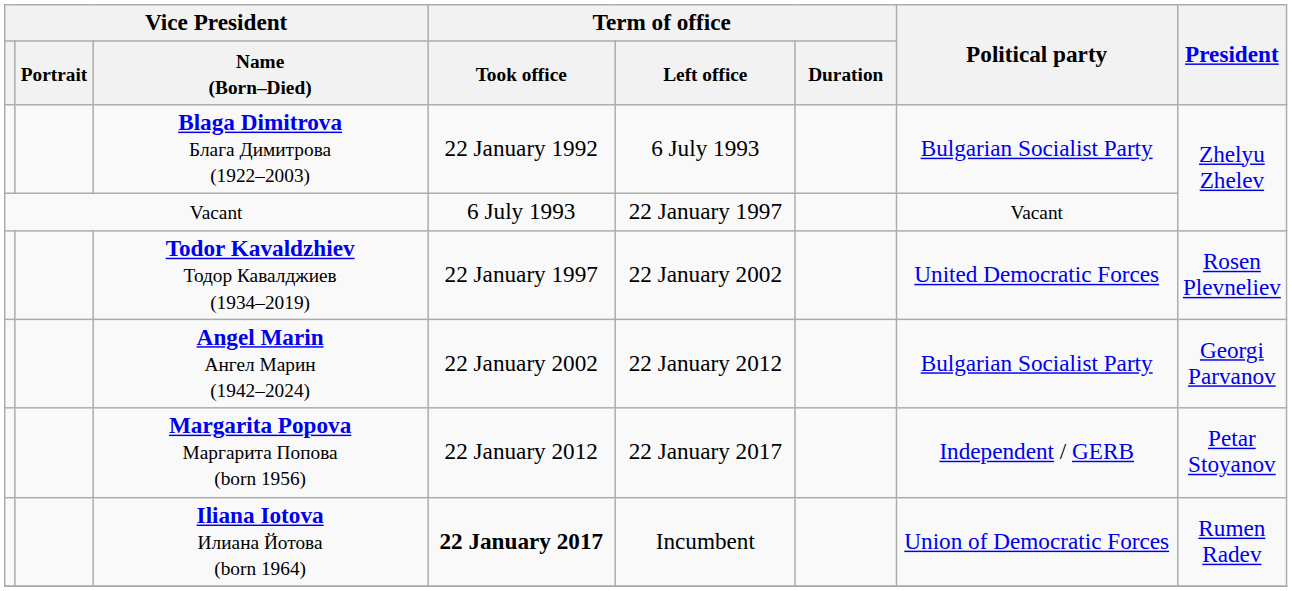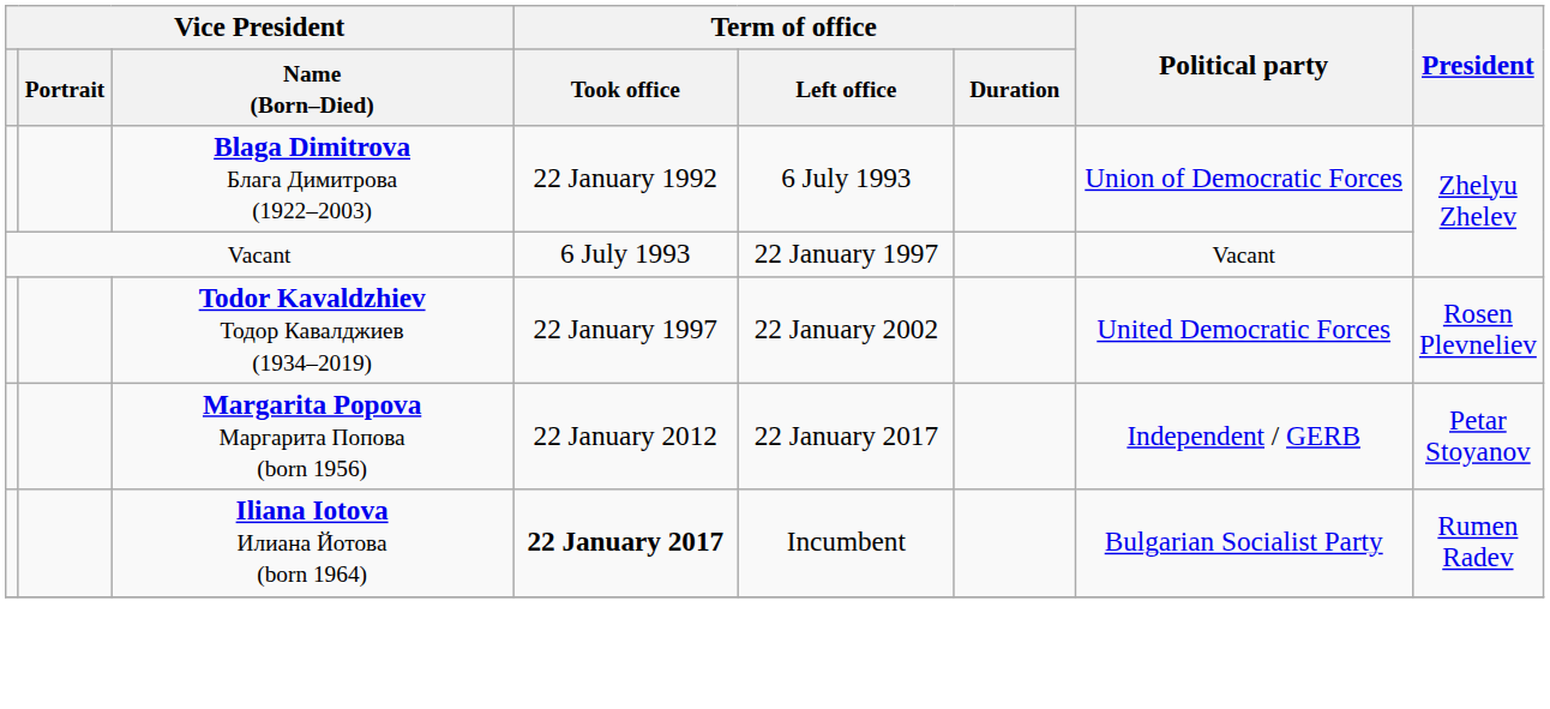 <table class="wikitable" style="text-align:center; width:70%">
 <tr>
 <th width=35% colspan=3>Vice President</th>
 <th width=40% colspan=3>Term of office</th>
 <th width=25% rowspan=2>Political party</th>
 <th width=25% rowspan=2><a href='#'>President</a></th>
 </tr>
 <tr>
 <th></th>
 <th><small>Portrait</small></th>
 <th width=30%><small>Name<br>(Born–Died)</small></th>
 <th><small>Took office</small></th>
 <th><small>Left office</small></th>
 <th><small>Duration</small></th>
 </tr>
 <tr>
 <td style="background:"></td>
 <td></td>
 <td><strong><a href='#'>Blaga Dimitrova</a></strong><br><small>Блага Димитрова<br>(1922–2003)</small></td>
 <td>22 January 1992</td>
 <td>6 July 1993</td>
 <td></td>
-<td><a href='#'>Bulgarian Socialist Party</a></td>
+<td><a href='#'>Union of Democratic Forces</a></td>
 <td rowspan=2><a href='#'>Zhelyu Zhelev</a></td>
 </tr>
 <tr>
 <td align=center colspan=3><small>Vacant</small></td>
 <td>6 July 1993</td>
 <td>22 January 1997</td>
 <td></td>
 <td align=center><small>Vacant</small></td>
 </tr>
 <tr>
 <td style="background:"></td>
 <td></td>
 <td><strong><a href='#'>Todor Kavaldzhiev</a></strong><br><small>Тодор Кавалджиев<br>(1934–2019)</small></td>
 <td>22 January 1997</td>
 <td>22 January 2002</td>
 <td></td>
 <td><a href='#'>United Democratic Forces</a></td>
 <td><a href='#'>Rosen Plevneliev</a></td>
 </tr>
 <tr>
 <td style="background:"></td>
 <td></td>
-<td><strong><a href='#'>Angel Marin</a></strong><br><small>Ангел Марин<br>(1942–2024)</small></td>
-<td>22 January 2002</td>
-<td>22 January 2012</td>
-<td></td>
-<td><a href='#'>Bulgarian Socialist Party</a></td>
-<td><a href='#'>Georgi Parvanov</a></td>
-</tr>
-<tr>
-<td style="background:"></td>
-<td></td>
 <td><strong><a href='#'>Margarita Popova</a></strong><br><small>Маргарита Попова<br>(born 1956)</small></td>
 <td>22 January 2012</td>
 <td>22 January 2017</td>
 <td></td>
 <td><a href='#'>Independent</a> / <a href='#'>GERB</a></td>
 <td><a href='#'>Petar Stoyanov</a></td>
 </tr>
 <tr>
 <td style="background:"></td>
 <td></td>
 <td><strong><a href='#'>Iliana Iotova</a></strong><br><small>Илиана Йотова<br>(born 1964)</small></td>
 <td><strong>22 January 2017</strong></td>
 <td>Incumbent</td>
 <td></td>
-<td><a href='#'>Union of Democratic Forces</a></td>
+<td><a href='#'>Bulgarian Socialist Party</a></td>
 <td><a href='#'>Rumen Radev</a></td>
 </tr>
 <tr>
 </tr>
 </table>
